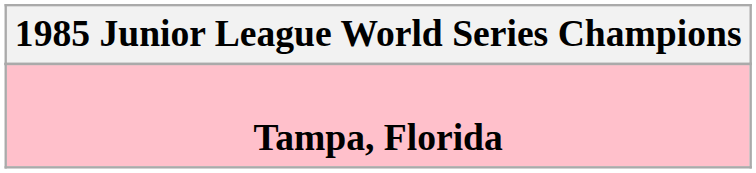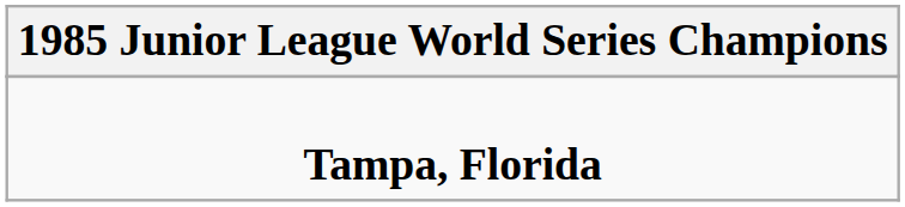 <table class="wikitable" style="text-align: center; margin: 0 auto;">
 <tr>
 <th>1985 Junior League World Series Champions</th>
 </tr>
 <tr>
 </tr>
 <tr>
-<td style="background: pink;"><br><strong>Tampa, Florida</strong></td>
+<td><br><strong>Tampa, Florida</strong></td>
 </tr>
 </table>
